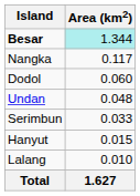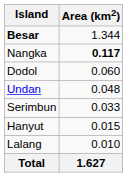 <table class="wikitable">
 <tr>
 <th>Island</th>
 <th>Area (km<sup>2</sup>)</th>
 </tr>
 <tr>
 <td><strong>Besar</strong></td>
-<td align=right style="background: paleturquoise;">1.344</td>
+<td align=right>1.344</td>
 </tr>
 <tr>
 <td>Nangka</td>
-<td align=right>0.117</td>
+<td align=right><strong>0.117</strong></td>
 </tr>
 <tr>
 <td>Dodol</td>
 <td align=right>0.060</td>
 </tr>
 <tr>
 <td><a href='#'>Undan</a></td>
 <td align=right>0.048</td>
 </tr>
 <tr>
 <td>Serimbun</td>
 <td align=right>0.033</td>
 </tr>
 <tr>
 <td>Hanyut</td>
 <td align=right>0.015</td>
 </tr>
 <tr>
 <td>Lalang</td>
 <td align=right>0.010</td>
 </tr>
 <tr>
 <th>Total</th>
 <th>1.627</th>
 </tr>
 </table>
